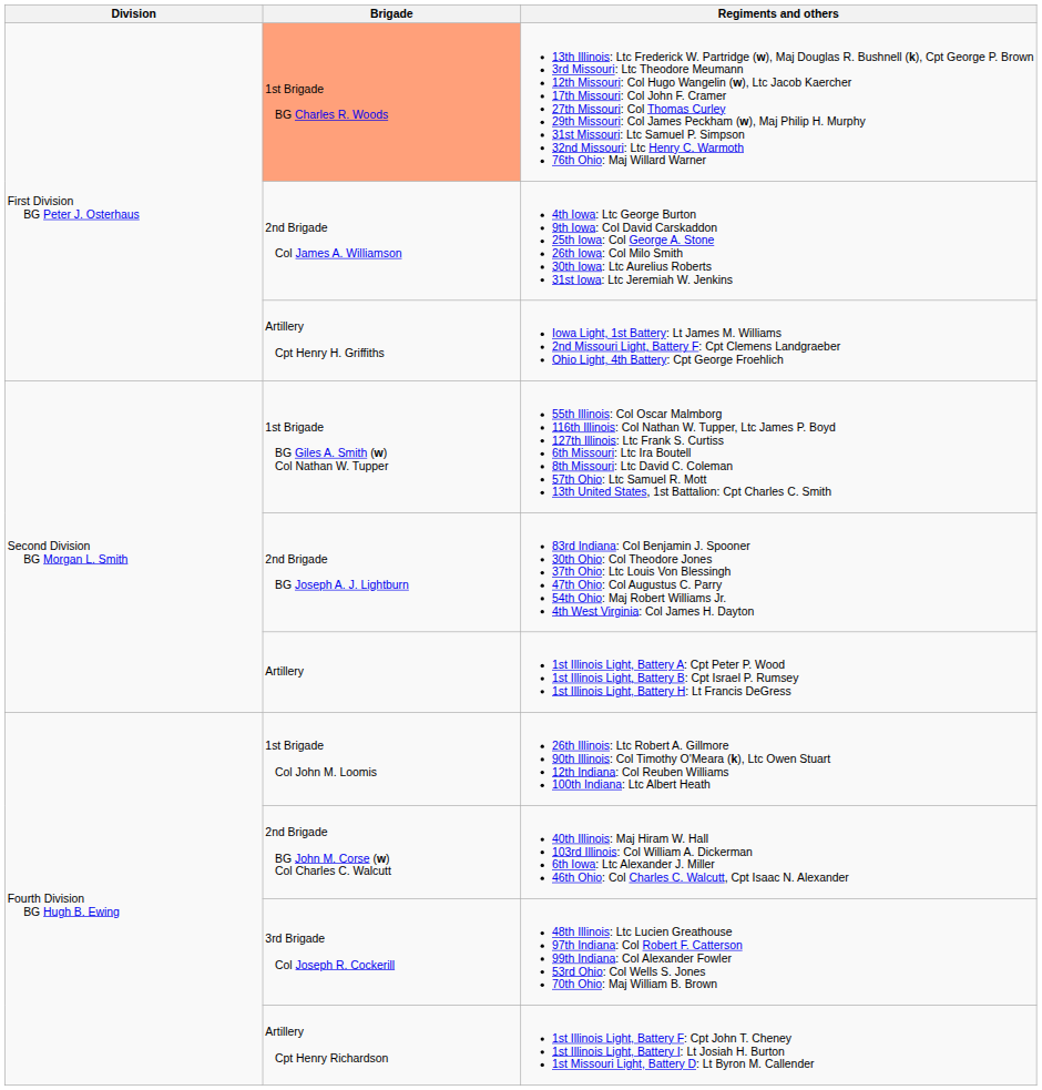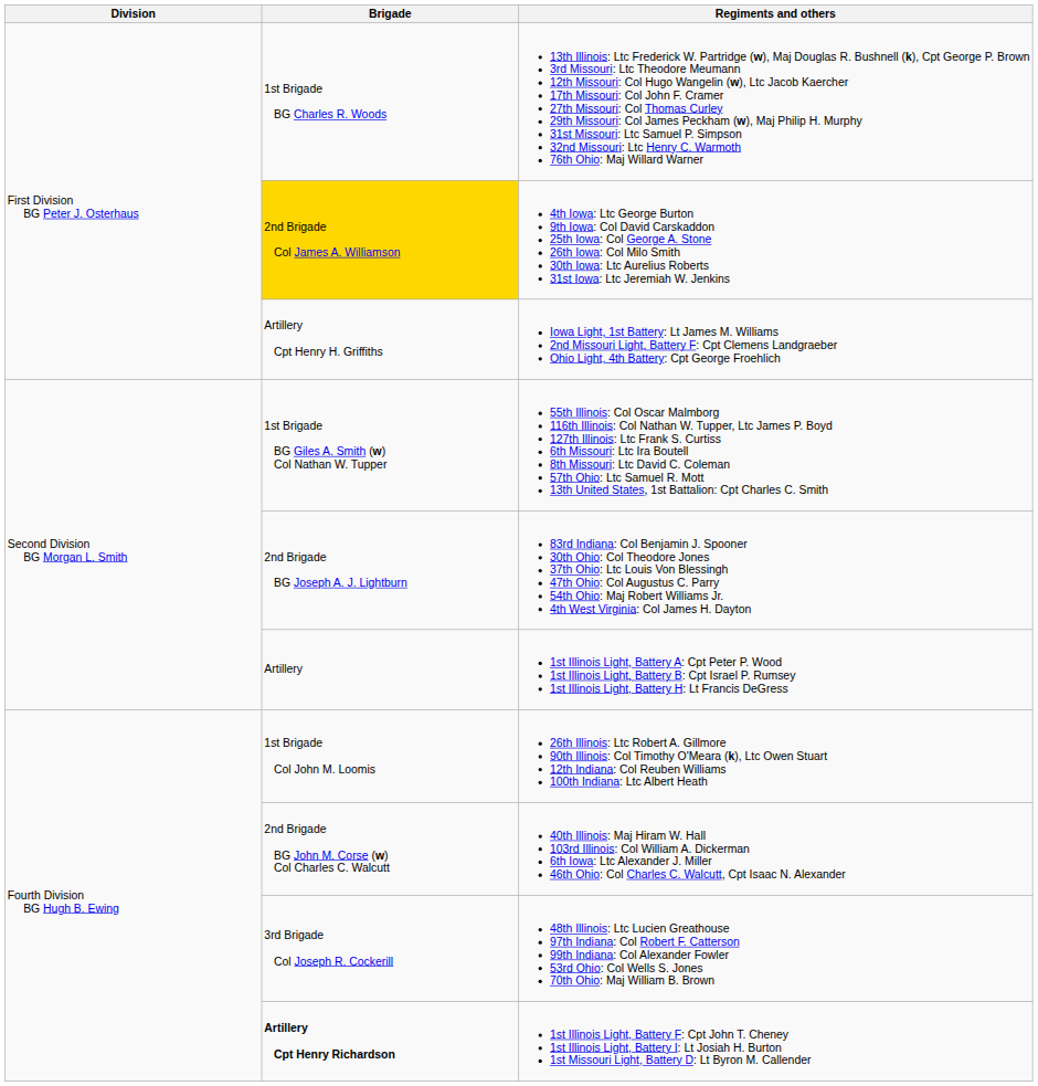 <table class="wikitable">
 <tr>
 <th width=25%>Division</th>
 <th width=25%>Brigade</th>
 <th>Regiments and others</th>
 </tr>
 <tr>
 <td rowspan=3><br>First Division <br>     BG <a href='#'>Peter J. Osterhaus</a></td>
-<td style="background: lightsalmon;">1st Brigade<br><br>   BG <a href='#'>Charles R. Woods</a></td>
+<td>1st Brigade<br><br>   BG <a href='#'>Charles R. Woods</a></td>
 <td><br><ul><li><a href='#'>13th Illinois</a>: Ltc Frederick W. Partridge (<strong>w</strong>), Maj Douglas R. Bushnell (<strong>k</strong>), Cpt George P. Brown</li><li><a href='#'>3rd Missouri</a>: Ltc Theodore Meumann</li><li><a href='#'>12th Missouri</a>: Col Hugo Wangelin (<strong>w</strong>), Ltc Jacob Kaercher</li><li><a href='#'>17th Missouri</a>: Col John F. Cramer</li><li><a href='#'>27th Missouri</a>: Col <a href='#'>Thomas Curley</a></li><li><a href='#'>29th Missouri</a>: Col James Peckham (<strong>w</strong>), Maj Philip H. Murphy</li><li><a href='#'>31st Missouri</a>: Ltc Samuel P. Simpson</li><li><a href='#'>32nd Missouri</a>: Ltc <a href='#'>Henry C. Warmoth</a></li><li><a href='#'>76th Ohio</a>: Maj Willard Warner</li></ul></td>
 </tr>
 <tr>
-<td>2nd Brigade<br><br>   Col <a href='#'>James A. Williamson</a></td>
+<td style="background: gold;">2nd Brigade<br><br>   Col <a href='#'>James A. Williamson</a></td>
 <td><br><ul><li><a href='#'>4th Iowa</a>: Ltc George Burton</li><li><a href='#'>9th Iowa</a>: Col David Carskaddon</li><li><a href='#'>25th Iowa</a>: Col <a href='#'>George A. Stone</a></li><li><a href='#'>26th Iowa</a>: Col Milo Smith</li><li><a href='#'>30th Iowa</a>: Ltc Aurelius Roberts</li><li><a href='#'>31st Iowa</a>: Ltc Jeremiah W. Jenkins</li></ul></td>
 </tr>
 <tr>
 <td>Artillery<br><br>   Cpt Henry H. Griffiths</td>
 <td><br><ul><li><a href='#'>Iowa Light, 1st Battery</a>: Lt James M. Williams</li><li><a href='#'>2nd Missouri Light, Battery F</a>: Cpt Clemens Landgraeber</li><li><a href='#'>Ohio Light, 4th Battery</a>: Cpt George Froehlich</li></ul></td>
 </tr>
 <tr>
 <td rowspan=3><br>Second Division <br>     BG <a href='#'>Morgan L. Smith</a></td>
 <td>1st Brigade<br><br>   BG <a href='#'>Giles A. Smith</a> (<strong>w</strong>) <br>   Col Nathan W. Tupper</td>
 <td><br><ul><li><a href='#'>55th Illinois</a>: Col Oscar Malmborg</li><li><a href='#'>116th Illinois</a>: Col Nathan W. Tupper, Ltc James P. Boyd</li><li><a href='#'>127th Illinois</a>: Ltc Frank S. Curtiss</li><li><a href='#'>6th Missouri</a>: Ltc Ira Boutell</li><li><a href='#'>8th Missouri</a>: Ltc David C. Coleman</li><li><a href='#'>57th Ohio</a>: Ltc Samuel R. Mott</li><li><a href='#'>13th United States</a>, 1st Battalion: Cpt Charles C. Smith</li></ul></td>
 </tr>
 <tr>
 <td>2nd Brigade<br><br>   BG <a href='#'>Joseph A. J. Lightburn</a></td>
 <td><br><ul><li><a href='#'>83rd Indiana</a>: Col Benjamin J. Spooner</li><li><a href='#'>30th Ohio</a>: Col Theodore Jones</li><li><a href='#'>37th Ohio</a>: Ltc Louis Von Blessingh</li><li><a href='#'>47th Ohio</a>: Col Augustus C. Parry</li><li><a href='#'>54th Ohio</a>: Maj Robert Williams Jr.</li><li><a href='#'>4th West Virginia</a>: Col James H. Dayton</li></ul></td>
 </tr>
 <tr>
 <td>Artillery</td>
 <td><br><ul><li><a href='#'>1st Illinois Light, Battery A</a>: Cpt Peter P. Wood</li><li><a href='#'>1st Illinois Light, Battery B</a>: Cpt Israel P. Rumsey</li><li><a href='#'>1st Illinois Light, Battery H</a>: Lt Francis DeGress</li></ul></td>
 </tr>
 <tr>
 <td rowspan=4><br>Fourth Division <br>     BG <a href='#'>Hugh B. Ewing</a></td>
 <td>1st Brigade<br><br>   Col John M. Loomis</td>
 <td><br><ul><li><a href='#'>26th Illinois</a>: Ltc Robert A. Gillmore</li><li><a href='#'>90th Illinois</a>: Col Timothy O'Meara (<strong>k</strong>), Ltc Owen Stuart</li><li><a href='#'>12th Indiana</a>: Col Reuben Williams</li><li><a href='#'>100th Indiana</a>: Ltc Albert Heath</li></ul></td>
 </tr>
 <tr>
 <td>2nd Brigade<br><br>   BG <a href='#'>John M. Corse</a> (<strong>w</strong>) <br>   Col Charles C. Walcutt</td>
 <td><br><ul><li><a href='#'>40th Illinois</a>: Maj Hiram W. Hall</li><li><a href='#'>103rd Illinois</a>: Col William A. Dickerman</li><li><a href='#'>6th Iowa</a>: Ltc Alexander J. Miller</li><li><a href='#'>46th Ohio</a>: Col <a href='#'>Charles C. Walcutt</a>, Cpt Isaac N. Alexander</li></ul></td>
 </tr>
 <tr>
 <td>3rd Brigade<br><br>   Col <a href='#'>Joseph R. Cockerill</a></td>
 <td><br><ul><li><a href='#'>48th Illinois</a>: Ltc Lucien Greathouse</li><li><a href='#'>97th Indiana</a>: Col <a href='#'>Robert F. Catterson</a></li><li><a href='#'>99th Indiana</a>: Col Alexander Fowler</li><li><a href='#'>53rd Ohio</a>: Col Wells S. Jones</li><li><a href='#'>70th Ohio</a>: Maj William B. Brown</li></ul></td>
 </tr>
 <tr>
-<td>Artillery<br><br>   Cpt Henry Richardson</td>
+<td><strong>Artillery<br><br>   Cpt Henry Richardson</strong></td>
 <td><br><ul><li><a href='#'>1st Illinois Light, Battery F</a>: Cpt John T. Cheney</li><li><a href='#'>1st Illinois Light, Battery I</a>: Lt Josiah H. Burton</li><li><a href='#'>1st Missouri Light, Battery D</a>: Lt Byron M. Callender</li></ul></td>
 </tr>
 </table>
